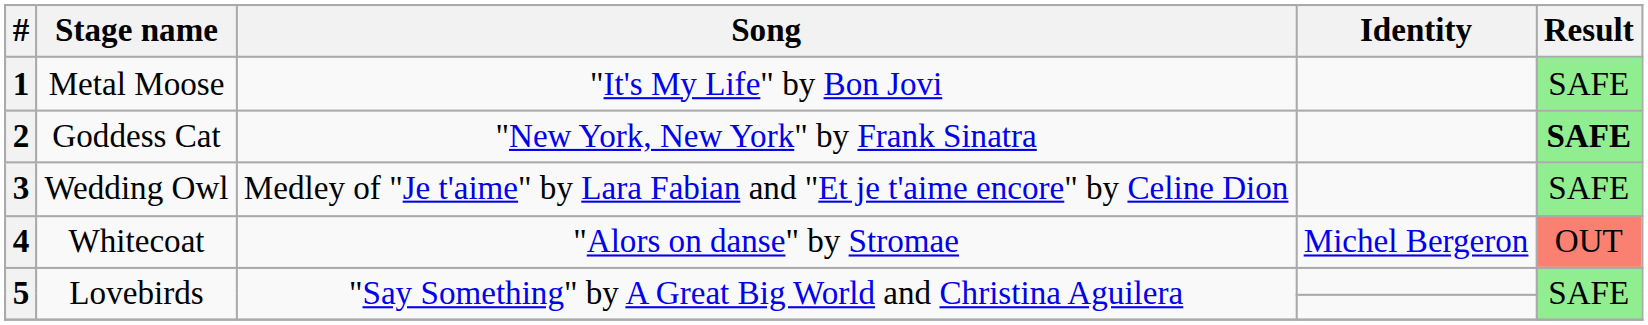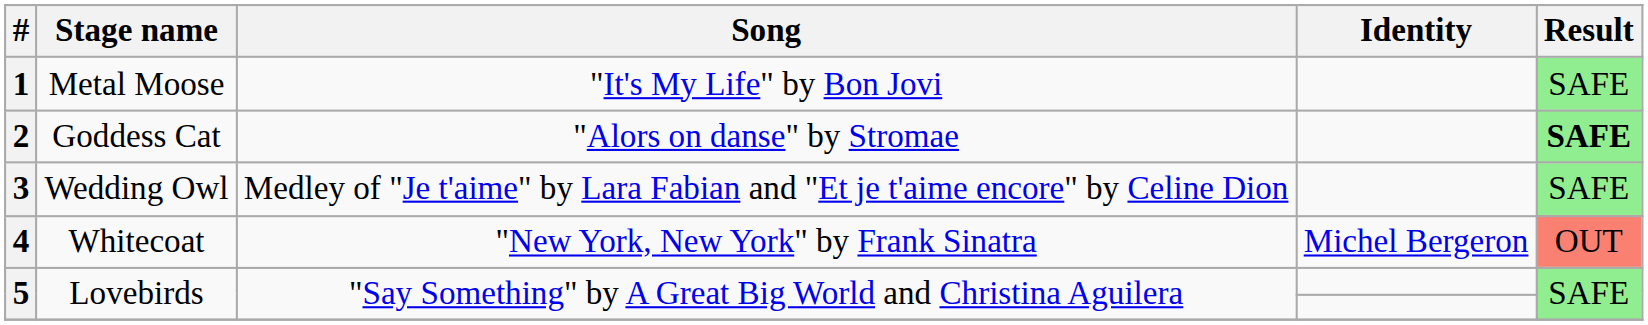 <table class="wikitable plainrowheaders" style="text-align: center;">
 <tr>
 <th>#</th>
 <th>Stage name</th>
 <th>Song</th>
 <th>Identity</th>
 <th>Result</th>
 </tr>
 <tr>
 <th>1</th>
 <td>Metal Moose</td>
 <td>"<a href='#'>It's My Life</a>" by <a href='#'>Bon Jovi</a></td>
 <td></td>
 <td bgcolor=lightgreen>SAFE</td>
 </tr>
 <tr>
 <th>2</th>
 <td>Goddess Cat</td>
-<td>"<a href='#'>New York, New York</a>" by <a href='#'>Frank Sinatra</a></td>
+<td>"<a href='#'>Alors on danse</a>" by <a href='#'>Stromae</a></td>
 <td></td>
 <td bgcolor=lightgreen><strong>SAFE</strong></td>
 </tr>
 <tr>
 <th>3</th>
 <td>Wedding Owl</td>
 <td>Medley of "<a href='#'>Je t'aime</a>" by <a href='#'>Lara Fabian</a> and "<a href='#'>Et je t'aime encore</a>" by <a href='#'>Celine Dion</a></td>
 <td></td>
 <td bgcolor=lightgreen>SAFE</td>
 </tr>
 <tr>
 <th>4</th>
 <td>Whitecoat</td>
-<td>"<a href='#'>Alors on danse</a>" by <a href='#'>Stromae</a></td>
+<td>"<a href='#'>New York, New York</a>" by <a href='#'>Frank Sinatra</a></td>
 <td><a href='#'>Michel Bergeron</a></td>
 <td bgcolor=salmon>OUT</td>
 </tr>
 <tr>
 <th rowspan="2">5</th>
 <td rowspan="2">Lovebirds</td>
 <td rowspan="2">"<a href='#'>Say Something</a>" by <a href='#'>A Great Big World</a> and <a href='#'>Christina Aguilera</a></td>
 <td></td>
 <td rowspan="2" bgcolor=lightgreen>SAFE</td>
 </tr>
 <tr>
 <td></td>
 </tr>
 <tr>
 </tr>
 </table>
